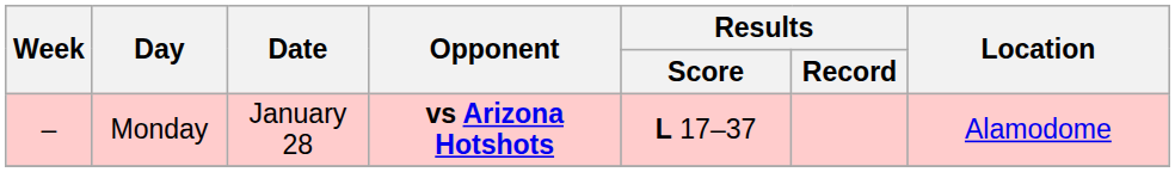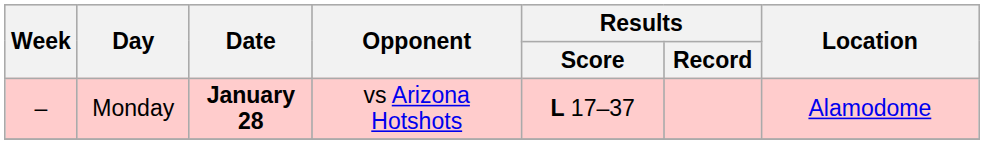 <table class="wikitable" style="text-align:center; font-size:90%">
 <tr>
 <th rowspan="2" width="40">Week</th>
 <th rowspan="2" width="80">Day</th>
 <th rowspan="2" width="90">Date</th>
 <th rowspan="2" width="200">Opponent</th>
 <th colspan="2" width="200">Results</th>
 <th rowspan="2" width="200">Location</th>
 </tr>
 <tr>
 <th width="140">Score</th>
 <th width="60">Record</th>
 </tr>
 <tr bgcolor="#ffcccc">
 <td>–</td>
 <td>Monday</td>
-<td>January 28</td>
-<td><strong>vs <a href='#'>Arizona Hotshots</a></strong></td>
+<td><strong>January 28</strong></td>
+<td>vs <a href='#'>Arizona Hotshots</a></td>
 <td><strong>L</strong> 17–37</td>
 <td></td>
 <td><a href='#'>Alamodome</a></td>
 </tr>
 <tr>
 </tr>
 </table>
